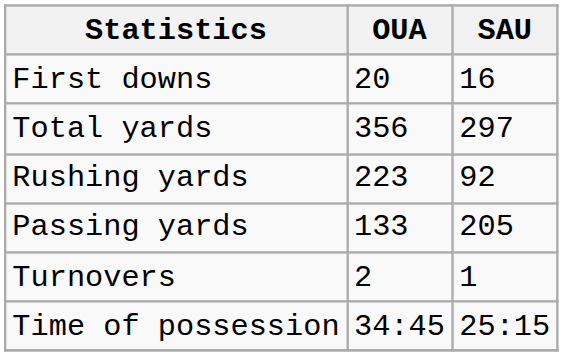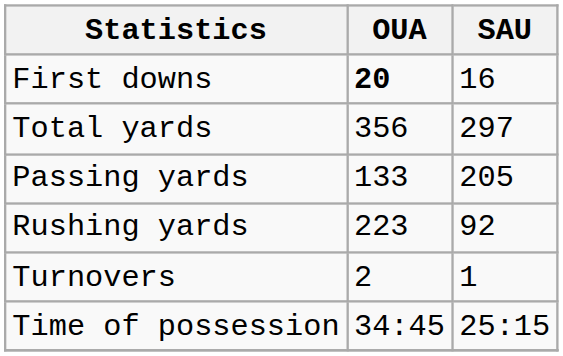 <table class="wikitable" style="float: left;">
 <tr>
 <th>Statistics</th>
 <th>OUA</th>
 <th>SAU</th>
 </tr>
 <tr>
 <td>First downs</td>
-<td>20</td>
+<td><strong>20</strong></td>
 <td>16</td>
 </tr>
 <tr>
 <td>Total yards</td>
 <td>356</td>
 <td>297</td>
 </tr>
 <tr>
+<td>Passing yards</td>
+<td>133</td>
+<td>205</td>
+</tr>
+<tr>
 <td>Rushing yards</td>
 <td>223</td>
 <td>92</td>
-</tr>
-<tr>
-<td>Passing yards</td>
-<td>133</td>
-<td>205</td>
 </tr>
 <tr>
 <td>Turnovers</td>
 <td>2</td>
 <td>1</td>
 </tr>
 <tr>
 <td>Time of possession</td>
 <td>34:45</td>
 <td>25:15</td>
 </tr>
 <tr>
 </tr>
 </table>
